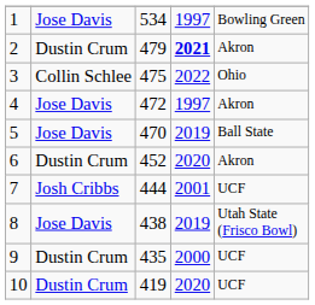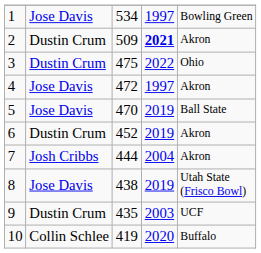 <table class="wikitable" style="display:inline-table;">
 <tr>
 </tr>
 <tr>
 <td>1</td>
 <td><a href='#'>Jose Davis</a></td>
 <td><abbr>534</abbr></td>
 <td><a href='#'>1997</a></td>
 <td style="font-size:80%;">Bowling Green</td>
 </tr>
 <tr>
 <td>2</td>
 <td>Dustin Crum</td>
-<td><abbr>479</abbr></td>
+<td><abbr>509</abbr></td>
 <td><strong><a href='#'>2021</a></strong></td>
 <td style="font-size:80%;">Akron</td>
 </tr>
 <tr>
 <td>3</td>
-<td>Collin Schlee</td>
+<td><a href='#'>Dustin Crum</a></td>
 <td><abbr>475</abbr></td>
 <td><a href='#'>2022</a></td>
 <td style="font-size:80%;">Ohio</td>
 </tr>
 <tr>
 <td>4</td>
 <td><a href='#'>Jose Davis</a></td>
 <td><abbr>472</abbr></td>
 <td><a href='#'>1997</a></td>
 <td style="font-size:80%;">Akron</td>
 </tr>
 <tr>
 <td>5</td>
 <td><a href='#'>Jose Davis</a></td>
 <td><abbr>470</abbr></td>
 <td><a href='#'>2019</a></td>
 <td style="font-size:80%;">Ball State</td>
 </tr>
 <tr>
 <td>6</td>
 <td>Dustin Crum</td>
 <td><abbr>452</abbr></td>
-<td><a href='#'>2020</a></td>
+<td><a href='#'>2019</a></td>
 <td style="font-size:80%;">Akron</td>
 </tr>
 <tr>
 <td>7</td>
 <td><a href='#'>Josh Cribbs</a></td>
 <td><abbr>444</abbr></td>
-<td><a href='#'>2001</a></td>
-<td style="font-size:80%;">UCF</td>
+<td><a href='#'>2004</a></td>
+<td style="font-size:80%;">Akron</td>
 </tr>
 <tr>
 <td>8</td>
 <td><a href='#'>Jose Davis</a></td>
 <td><abbr>438</abbr></td>
 <td><a href='#'>2019</a></td>
 <td style="font-size:80%;">Utah State<br>(<a href='#'>Frisco Bowl</a>)</td>
 </tr>
 <tr>
 <td>9</td>
 <td>Dustin Crum</td>
 <td><abbr>435</abbr></td>
-<td><a href='#'>2000</a></td>
+<td><a href='#'>2003</a></td>
 <td style="font-size:80%;">UCF</td>
 </tr>
 <tr>
 <td>10</td>
-<td><a href='#'>Dustin Crum</a></td>
+<td>Collin Schlee</td>
 <td><abbr>419</abbr></td>
 <td><a href='#'>2020</a></td>
-<td style="font-size:80%;">UCF</td>
+<td style="font-size:80%;">Buffalo</td>
 </tr>
 </table>
